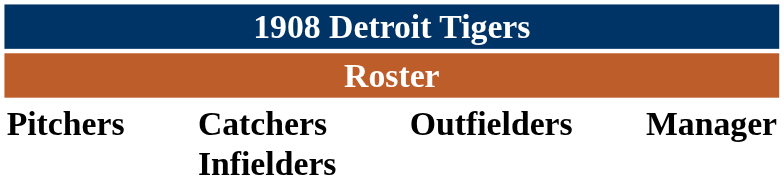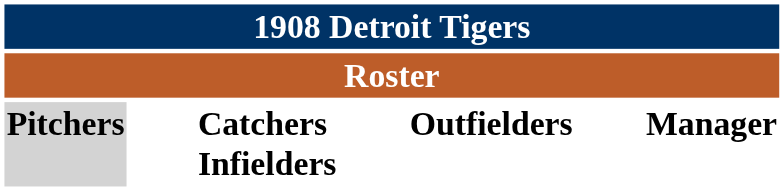 <table class="toccolours" style="font-size: 95%;">
 <tr>
 <th colspan="10" style="background-color: #003366; color: white; text-align: center;">1908 Detroit Tigers</th>
 </tr>
 <tr>
 <td colspan="10" style="background-color: #bd5d29; color: white; text-align: center;"><strong>Roster</strong></td>
 </tr>
 <tr>
-<td valign="top"><strong>Pitchers</strong><br>        </td>
+<td valign="top" style="background: lightgrey;"><strong>Pitchers</strong><br>        </td>
 <td width="25px"></td>
 <td valign="top"><strong>Catchers</strong><br>   <strong>Infielders</strong>        </td>
 <td width="25px"></td>
 <td valign="top"><strong>Outfielders</strong><br>   </td>
 <td width="25px"></td>
 <td valign="top"><strong>Manager</strong><br></td>
 </tr>
 </table>
